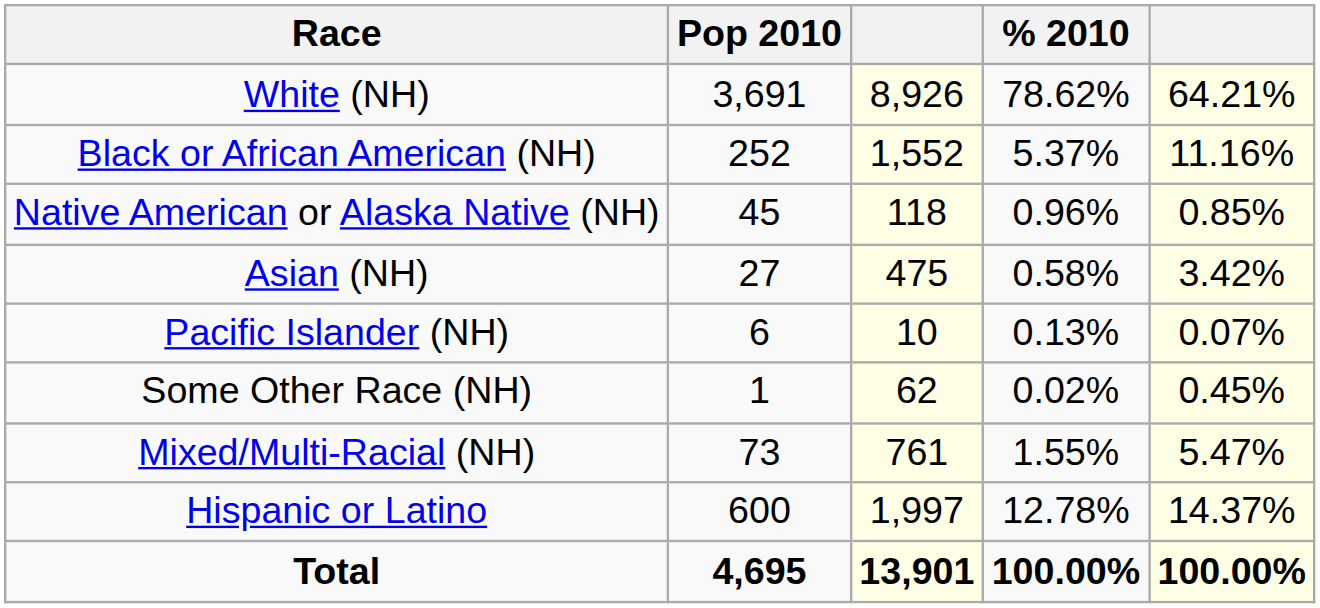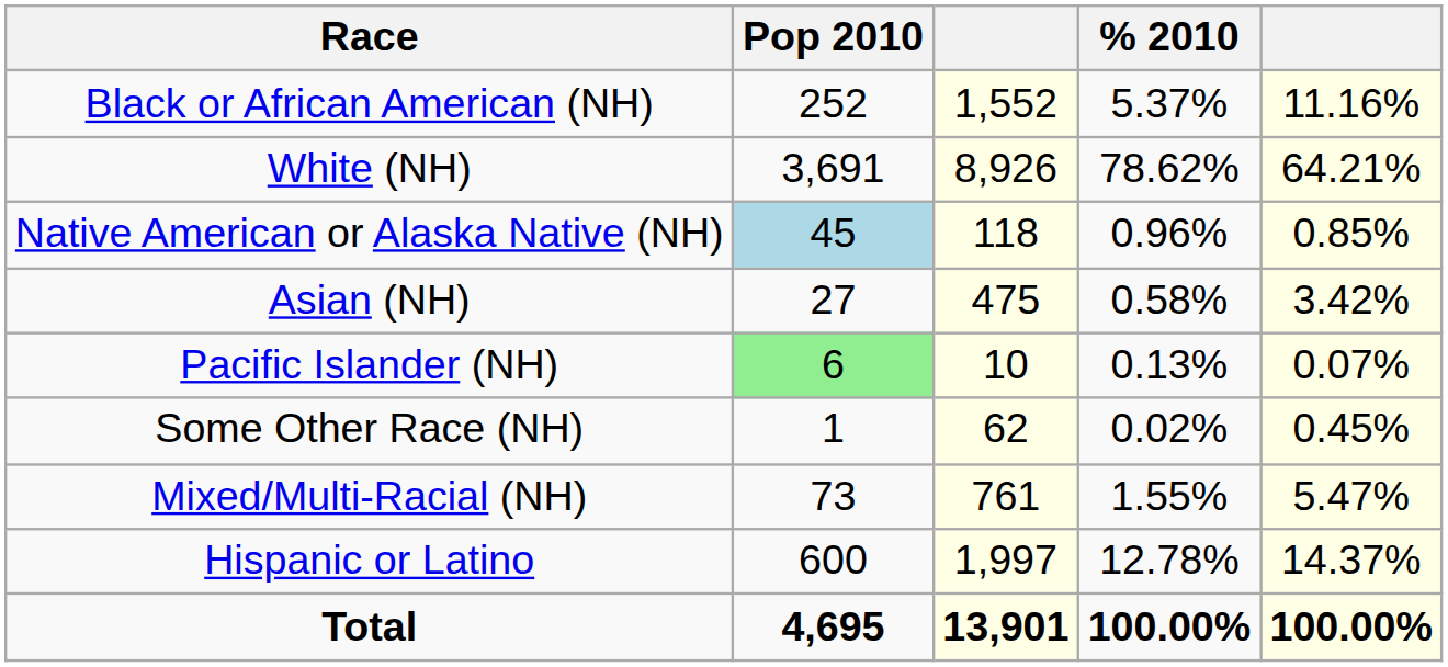 <table class="wikitable" style="text-align:center;">
 <tr>
 <th>Race</th>
 <th>Pop 2010</th>
 <th></th>
 <th>% 2010</th>
 <th></th>
 </tr>
 <tr>
+<td><a href='#'>Black or African American</a> (NH)</td>
+<td>252</td>
+<td style='background: #ffffe6;'>1,552</td>
+<td>5.37%</td>
+<td style='background: #ffffe6;'>11.16%</td>
+</tr>
+<tr>
 <td><a href='#'>White</a> (NH)</td>
 <td>3,691</td>
 <td style='background: #ffffe6;'>8,926</td>
 <td>78.62%</td>
 <td style='background: #ffffe6;'>64.21%</td>
 </tr>
 <tr>
-<td><a href='#'>Black or African American</a> (NH)</td>
-<td>252</td>
-<td style='background: #ffffe6;'>1,552</td>
-<td>5.37%</td>
-<td style='background: #ffffe6;'>11.16%</td>
-</tr>
-<tr>
 <td><a href='#'>Native American</a> or <a href='#'>Alaska Native</a> (NH)</td>
-<td>45</td>
+<td style="background: lightblue;">45</td>
 <td style='background: #ffffe6;'>118</td>
 <td>0.96%</td>
 <td style='background: #ffffe6;'>0.85%</td>
 </tr>
 <tr>
 <td><a href='#'>Asian</a> (NH)</td>
 <td>27</td>
 <td style='background: #ffffe6;'>475</td>
 <td>0.58%</td>
 <td style='background: #ffffe6;'>3.42%</td>
 </tr>
 <tr>
 <td><a href='#'>Pacific Islander</a> (NH)</td>
-<td>6</td>
+<td style="background: lightgreen;">6</td>
 <td style='background: #ffffe6;'>10</td>
 <td>0.13%</td>
 <td style='background: #ffffe6;'>0.07%</td>
 </tr>
 <tr>
 <td>Some Other Race (NH)</td>
 <td>1</td>
 <td style='background: #ffffe6;'>62</td>
 <td>0.02%</td>
 <td style='background: #ffffe6;'>0.45%</td>
 </tr>
 <tr>
 <td><a href='#'>Mixed/Multi-Racial</a> (NH)</td>
 <td>73</td>
 <td style='background: #ffffe6;'>761</td>
 <td>1.55%</td>
 <td style='background: #ffffe6;'>5.47%</td>
 </tr>
 <tr>
 <td><a href='#'>Hispanic or Latino</a></td>
 <td>600</td>
 <td style='background: #ffffe6;'>1,997</td>
 <td>12.78%</td>
 <td style='background: #ffffe6;'>14.37%</td>
 </tr>
 <tr>
 <td><strong>Total</strong></td>
 <td><strong>4,695</strong></td>
 <td style='background: #ffffe6;'><strong>13,901</strong></td>
 <td><strong>100.00%</strong></td>
 <td style='background: #ffffe6;'><strong>100.00%</strong></td>
 </tr>
 </table>
